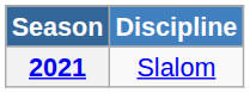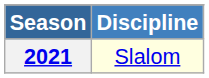 <table class="wikitable" style="font-size:95%; text-align:center; border:grey solid 1px; border-collapse:collapse;" width="10%">
 <tr style="background-color:#369; color:white;">
 </tr>
 <tr>
 <td style="background:#369; color:white; width:5%;"><strong>Season</strong></td>
 <td style="background:#4180be; color:white; width:5%;"><strong>Discipline</strong></td>
 </tr>
 <tr>
 <th><strong><a href='#'>2021</a></strong></th>
-<td><a href='#'>Slalom</a></td>
+<td style="background: lightyellow;"><a href='#'>Slalom</a></td>
 </tr>
 </table>
